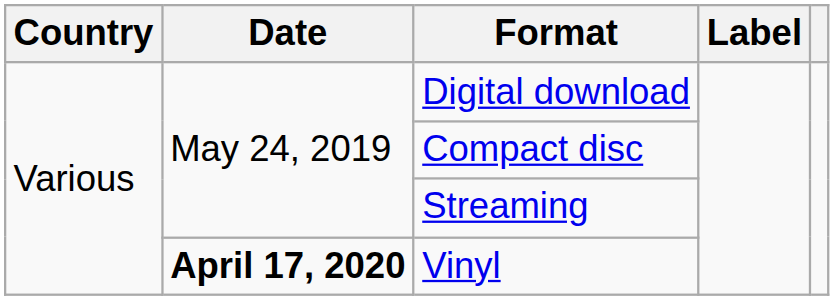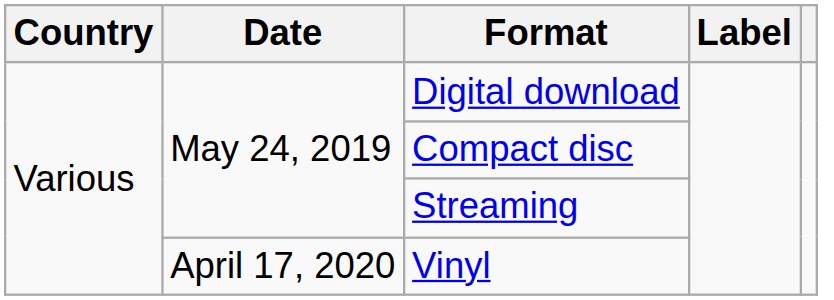 <table class="wikitable">
 <tr>
 <th>Country</th>
 <th>Date</th>
 <th>Format</th>
 <th>Label</th>
 <th></th>
 </tr>
 <tr>
 <td rowspan="4">Various</td>
 <td rowspan="3">May 24, 2019</td>
 <td><a href='#'>Digital download</a></td>
 <td rowspan="4"></td>
 <td rowspan="4"></td>
 </tr>
 <tr>
 <td><a href='#'>Compact disc</a></td>
 </tr>
 <tr>
 <td><a href='#'>Streaming</a></td>
 </tr>
 <tr>
-<td><strong>April 17, 2020</strong></td>
+<td>April 17, 2020</td>
 <td><a href='#'>Vinyl</a></td>
 </tr>
 </table>
